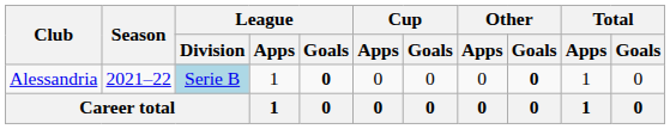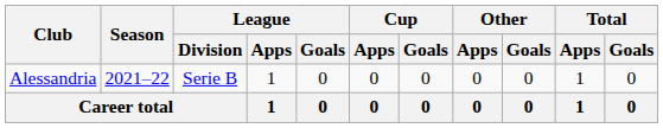 <table class="wikitable" style="text-align: center">
 <tr>
 <th rowspan="2">Club</th>
 <th rowspan="2">Season</th>
 <th colspan="3">League</th>
 <th colspan="2">Cup</th>
 <th colspan="2">Other</th>
 <th colspan="2">Total</th>
 </tr>
 <tr>
 <th>Division</th>
 <th>Apps</th>
 <th>Goals</th>
 <th>Apps</th>
 <th>Goals</th>
 <th>Apps</th>
 <th>Goals</th>
 <th>Apps</th>
 <th>Goals</th>
 </tr>
 <tr>
 <td><a href='#'>Alessandria</a></td>
 <td><a href='#'>2021–22</a></td>
-<td style="background: lightblue;"><a href='#'>Serie B</a></td>
+<td><a href='#'>Serie B</a></td>
 <td>1</td>
-<td><strong>0</strong></td>
 <td>0</td>
 <td>0</td>
 <td>0</td>
-<td><strong>0</strong></td>
+<td>0</td>
+<td>0</td>
 <td>1</td>
 <td>0</td>
 </tr>
 <tr>
 <th colspan="3">Career total</th>
 <th>1</th>
 <th>0</th>
 <th>0</th>
 <th>0</th>
 <th>0</th>
 <th>0</th>
 <th>1</th>
 <th>0</th>
 </tr>
 </table>
